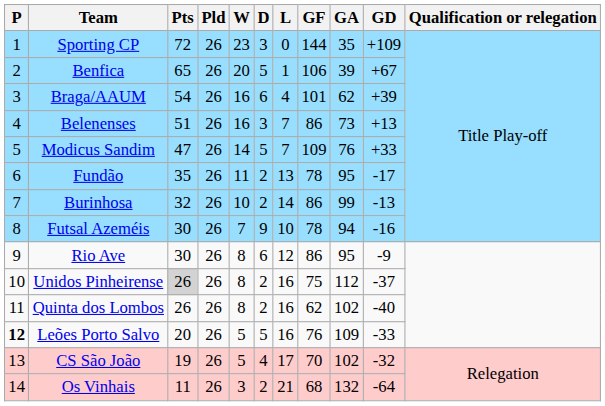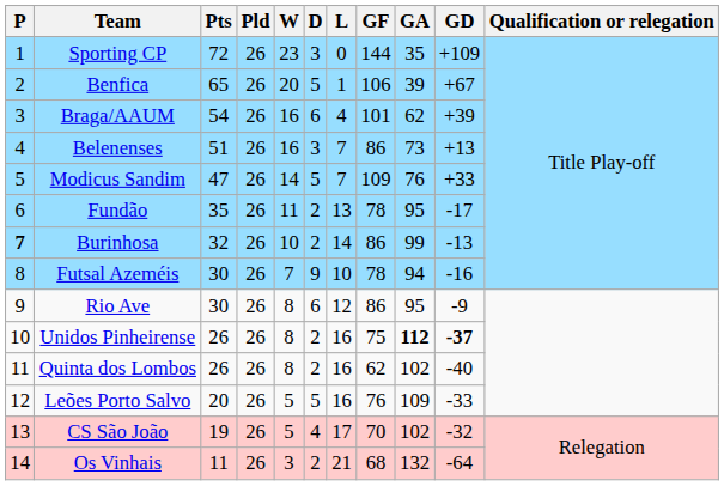 <table class="wikitable sortable" style="text-align: center;">
 <tr>
 <th align="center">P</th>
 <th align="center">Team</th>
 <th align="center">Pts</th>
 <th align="center">Pld</th>
 <th align="center">W</th>
 <th align="center">D</th>
 <th align="center">L</th>
 <th align="center">GF</th>
 <th align="center">GA</th>
 <th align="center">GD</th>
 <th align="center">Qualification or relegation</th>
 </tr>
 <tr ! style="background:#97DEFF;">
 <td>1</td>
 <td><a href='#'>Sporting CP</a></td>
 <td>72</td>
 <td>26</td>
 <td>23</td>
 <td>3</td>
 <td>0</td>
 <td>144</td>
 <td>35</td>
 <td>+109</td>
 <td rowspan=8 align="center">Title Play-off</td>
 </tr>
 <tr ! style="background:#97DEFF;">
 <td>2</td>
 <td><a href='#'>Benfica</a></td>
 <td>65</td>
 <td>26</td>
 <td>20</td>
 <td>5</td>
 <td>1</td>
 <td>106</td>
 <td>39</td>
 <td>+67</td>
 </tr>
 <tr ! style="background:#97DEFF;">
 <td>3</td>
 <td><a href='#'>Braga/AAUM</a></td>
 <td>54</td>
 <td>26</td>
 <td>16</td>
 <td>6</td>
 <td>4</td>
 <td>101</td>
 <td>62</td>
 <td>+39</td>
 </tr>
 <tr ! style="background:#97DEFF;">
 <td>4</td>
 <td><a href='#'>Belenenses</a></td>
 <td>51</td>
 <td>26</td>
 <td>16</td>
 <td>3</td>
 <td>7</td>
 <td>86</td>
 <td>73</td>
 <td>+13</td>
 </tr>
 <tr ! style="background:#97DEFF;">
 <td>5</td>
 <td><a href='#'>Modicus Sandim</a></td>
 <td>47</td>
 <td>26</td>
 <td>14</td>
 <td>5</td>
 <td>7</td>
 <td>109</td>
 <td>76</td>
 <td>+33</td>
 </tr>
 <tr ! style="background:#97DEFF;">
 <td>6</td>
 <td><a href='#'>Fundão</a></td>
 <td>35</td>
 <td>26</td>
 <td>11</td>
 <td>2</td>
 <td>13</td>
 <td>78</td>
 <td>95</td>
 <td>-17</td>
 </tr>
 <tr ! style="background:#97DEFF;">
-<td>7</td>
+<td><strong>7</strong></td>
 <td><a href='#'>Burinhosa</a></td>
 <td>32</td>
 <td>26</td>
 <td>10</td>
 <td>2</td>
 <td>14</td>
 <td>86</td>
 <td>99</td>
 <td>-13</td>
 </tr>
 <tr ! style="background:#97DEFF;">
 <td>8</td>
 <td><a href='#'>Futsal Azeméis</a></td>
 <td>30</td>
 <td>26</td>
 <td>7</td>
 <td>9</td>
 <td>10</td>
 <td>78</td>
 <td>94</td>
 <td>-16</td>
 </tr>
 <tr>
 <td>9</td>
 <td><a href='#'>Rio Ave</a></td>
 <td>30</td>
 <td>26</td>
 <td>8</td>
 <td>6</td>
 <td>12</td>
 <td>86</td>
 <td>95</td>
 <td>-9</td>
 <td rowspan=4></td>
 </tr>
 <tr>
 <td>10</td>
 <td><a href='#'>Unidos Pinheirense</a></td>
-<td style="background: lightgrey;">26</td>
+<td>26</td>
 <td>26</td>
 <td>8</td>
 <td>2</td>
 <td>16</td>
 <td>75</td>
-<td>112</td>
-<td>-37</td>
+<td><strong>112</strong></td>
+<td><strong>-37</strong></td>
 </tr>
 <tr>
 <td>11</td>
 <td><a href='#'>Quinta dos Lombos</a></td>
 <td>26</td>
 <td>26</td>
 <td>8</td>
 <td>2</td>
 <td>16</td>
 <td>62</td>
 <td>102</td>
 <td>-40</td>
 </tr>
 <tr>
-<td><strong>12</strong></td>
+<td>12</td>
 <td><a href='#'>Leões Porto Salvo</a></td>
 <td>20</td>
 <td>26</td>
 <td>5</td>
 <td>5</td>
 <td>16</td>
 <td>76</td>
 <td>109</td>
 <td>-33</td>
 </tr>
 <tr ! style="background:#FFCCCC;">
 <td>13</td>
 <td><a href='#'>CS São João</a></td>
 <td>19</td>
 <td>26</td>
 <td>5</td>
 <td>4</td>
 <td>17</td>
 <td>70</td>
 <td>102</td>
 <td>-32</td>
 <td rowspan=2 align="center">Relegation</td>
 </tr>
 <tr ! style="background:#FFCCCC;">
 <td>14</td>
 <td><a href='#'>Os Vinhais</a></td>
 <td>11</td>
 <td>26</td>
 <td>3</td>
 <td>2</td>
 <td>21</td>
 <td>68</td>
 <td>132</td>
 <td>-64</td>
 </tr>
 </table>
